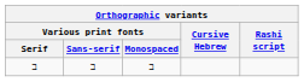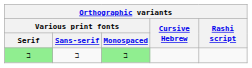 <table class=wikitable style="text-align:center;">
 <tr>
 <th colspan=5><small><a href='#'>Orthographic</a> variants</small></th>
 </tr>
 <tr>
 <th colspan=3><small>Various print fonts</small></th>
 <th rowspan=2><small><a href='#'>Cursive<br>Hebrew</a></small></th>
 <th rowspan=2><small><a href='#'>Rashi<br>script</a></small></th>
 </tr>
 <tr>
 <th><small>Serif</small></th>
 <th><small><a href='#'>Sans-serif</a></small></th>
 <th><small><a href='#'>Monospaced</a></small></th>
 </tr>
 <tr>
+<td width=20% style="background: lightgreen;"><span>ב</span></td>
 <td width=20%><span>ב</span></td>
-<td width=20%><span>ב</span></td>
-<td width=20%><span>ב</span></td>
+<td width=20% style="background: lightgreen;"><span>ב</span></td>
 <td width=20%></td>
 <td width=20%></td>
 </tr>
 </table>
